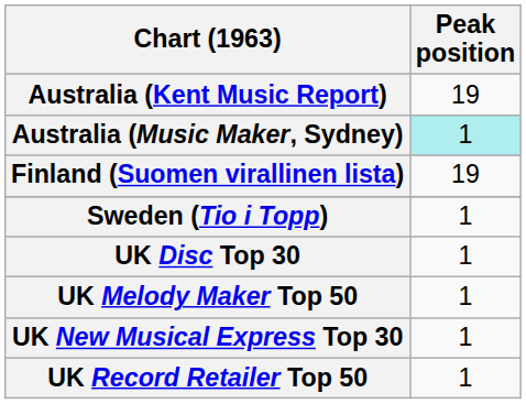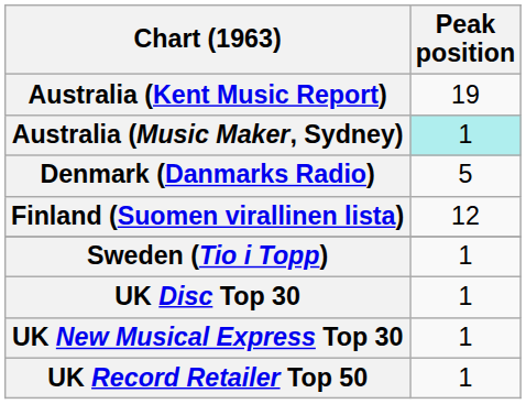 <table class="wikitable sortable plainrowheaders" style="text-align:center">
 <tr>
 <th>Chart (1963)</th>
 <th>Peak<br>position</th>
 </tr>
 <tr>
 <th scope="row">Australia (<a href='#'>Kent Music Report</a>)</th>
 <td>19</td>
 </tr>
 <tr>
 <th scope="row">Australia (<em>Music Maker</em>, Sydney)</th>
 <td style="background: paleturquoise;">1</td>
 </tr>
 <tr>
+<th scope="row">Denmark (<a href='#'>Danmarks Radio</a>)</th>
+<td>5</td>
+</tr>
+<tr>
 <th scope="row">Finland (<a href='#'>Suomen virallinen lista</a>)</th>
-<td>19</td>
+<td>12</td>
 </tr>
 <tr>
 </tr>
 <tr>
 </tr>
 <tr>
 <th scope="row">Sweden (<em><a href='#'>Tio i Topp</a></em>)</th>
 <td>1</td>
 </tr>
 <tr>
 <th scope="row">UK <em><a href='#'>Disc</a></em> Top 30</th>
 <td>1</td>
 </tr>
 <tr>
-<th scope="row">UK <em><a href='#'>Melody Maker</a></em> Top 50</th>
-<td>1</td>
-</tr>
-<tr>
 <th scope="row">UK <em><a href='#'>New Musical Express</a></em> Top 30</th>
 <td>1</td>
 </tr>
 <tr>
 <th scope="row">UK <em><a href='#'>Record Retailer</a></em> Top 50</th>
 <td>1</td>
 </tr>
 </table>
